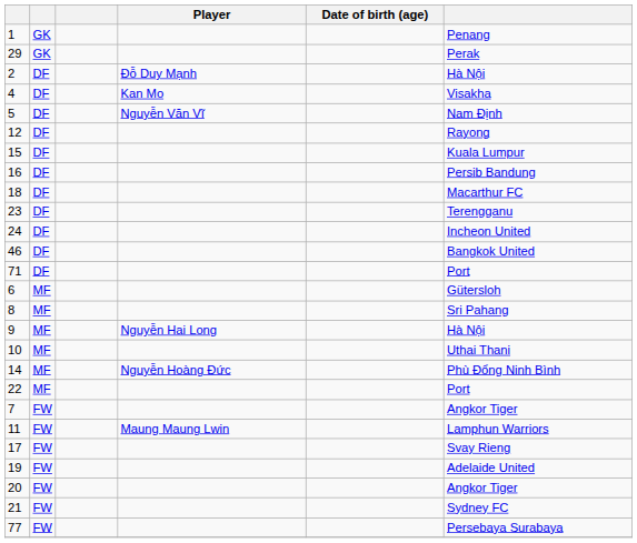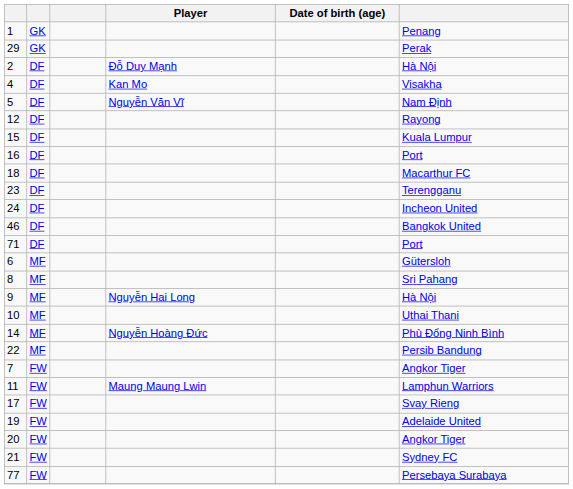 <table class="sortable wikitable plainrowheaders ">
 <tr>
 <th scope="col" style="width:4%"></th>
 <th scope="col" style="width:4%"></th>
 <th scope="col" style="width:10%"></th>
 <th scope="col" style="width:30%">Player</th>
 <th scope="col" style="width:22%">Date of birth (age)</th>
 <th scope="col"></th>
 </tr>
 <tr>
 <td>1</td>
 <td><a href='#'>GK</a></td>
 <td></td>
 <td></td>
 <td></td>
 <td align=left> <a href='#'>Penang</a></td>
 </tr>
 <tr>
 <td>29</td>
 <td><a href='#'>GK</a></td>
 <td></td>
 <td></td>
 <td></td>
 <td> <a href='#'>Perak</a></td>
 </tr>
 <tr>
 <td>2</td>
 <td><a href='#'>DF</a></td>
 <td></td>
 <td><a href='#'>Đỗ Duy Mạnh</a></td>
 <td></td>
 <td> <a href='#'>Hà Nội</a></td>
 </tr>
 <tr>
 <td>4</td>
 <td><a href='#'>DF</a></td>
 <td></td>
 <td><a href='#'>Kan Mo</a></td>
 <td></td>
 <td> <a href='#'>Visakha</a></td>
 </tr>
 <tr>
 <td>5</td>
 <td><a href='#'>DF</a></td>
 <td></td>
 <td><a href='#'>Nguyễn Văn Vĩ</a></td>
 <td></td>
 <td align=left> <a href='#'>Nam Định</a></td>
 </tr>
 <tr>
 <td>12</td>
 <td><a href='#'>DF</a></td>
 <td></td>
 <td></td>
 <td></td>
 <td align=left> <a href='#'>Rayong</a></td>
 </tr>
 <tr>
 <td>15</td>
 <td><a href='#'>DF</a></td>
 <td></td>
 <td></td>
 <td></td>
 <td> <a href='#'>Kuala Lumpur</a></td>
 </tr>
 <tr>
 <td>16</td>
 <td><a href='#'>DF</a></td>
 <td></td>
 <td></td>
 <td></td>
-<td align=left> <a href='#'>Persib Bandung</a></td>
+<td> <a href='#'>Port</a></td>
 </tr>
 <tr>
 <td>18</td>
 <td><a href='#'>DF</a></td>
 <td></td>
 <td></td>
 <td></td>
 <td> <a href='#'>Macarthur FC</a></td>
 </tr>
 <tr>
 <td>23</td>
 <td><a href='#'>DF</a></td>
 <td></td>
 <td></td>
 <td></td>
 <td> <a href='#'>Terengganu</a></td>
 </tr>
 <tr>
 <td>24</td>
 <td><a href='#'>DF</a></td>
 <td></td>
 <td></td>
 <td></td>
 <td> <a href='#'>Incheon United</a></td>
 </tr>
 <tr>
 <td>46</td>
 <td><a href='#'>DF</a></td>
 <td></td>
 <td></td>
 <td></td>
 <td> <a href='#'>Bangkok United</a></td>
 </tr>
 <tr>
 <td>71</td>
 <td><a href='#'>DF</a></td>
 <td></td>
 <td></td>
 <td></td>
 <td> <a href='#'>Port</a></td>
 </tr>
 <tr>
 <td>6</td>
 <td><a href='#'>MF</a></td>
 <td></td>
 <td></td>
 <td></td>
 <td align=left> <a href='#'>Gütersloh</a></td>
 </tr>
 <tr>
 <td>8</td>
 <td><a href='#'>MF</a></td>
 <td></td>
 <td></td>
 <td></td>
 <td align=left> <a href='#'>Sri Pahang</a></td>
 </tr>
 <tr>
 <td>9</td>
 <td><a href='#'>MF</a></td>
 <td></td>
 <td><a href='#'>Nguyễn Hai Long</a></td>
 <td></td>
 <td> <a href='#'>Hà Nội</a></td>
 </tr>
 <tr>
 <td>10</td>
 <td><a href='#'>MF</a></td>
 <td></td>
 <td></td>
 <td></td>
 <td align=left> <a href='#'>Uthai Thani</a></td>
 </tr>
 <tr>
 <td>14</td>
 <td><a href='#'>MF</a></td>
 <td></td>
 <td><a href='#'>Nguyễn Hoàng Đức</a></td>
 <td></td>
 <td align=left> <a href='#'>Phù Đổng Ninh Bình</a></td>
 </tr>
 <tr>
 <td>22</td>
 <td><a href='#'>MF</a></td>
 <td></td>
 <td></td>
 <td></td>
-<td> <a href='#'>Port</a></td>
+<td align=left> <a href='#'>Persib Bandung</a></td>
 </tr>
 <tr>
 <td>7</td>
 <td><a href='#'>FW</a></td>
 <td></td>
 <td></td>
 <td></td>
 <td align=left> <a href='#'>Angkor Tiger</a></td>
 </tr>
 <tr>
 <td>11</td>
 <td><a href='#'>FW</a></td>
 <td></td>
 <td><a href='#'>Maung Maung Lwin</a></td>
 <td></td>
 <td align=left> <a href='#'>Lamphun Warriors</a></td>
 </tr>
 <tr>
 <td>17</td>
 <td><a href='#'>FW</a></td>
 <td></td>
 <td></td>
 <td></td>
 <td align=left> <a href='#'>Svay Rieng</a></td>
 </tr>
 <tr>
 <td>19</td>
 <td><a href='#'>FW</a></td>
 <td></td>
 <td></td>
 <td></td>
 <td align=left> <a href='#'>Adelaide United</a></td>
 </tr>
 <tr>
 <td>20</td>
 <td><a href='#'>FW</a></td>
 <td></td>
 <td></td>
 <td></td>
 <td> <a href='#'>Angkor Tiger</a></td>
 </tr>
 <tr>
 <td>21</td>
 <td><a href='#'>FW</a></td>
 <td></td>
 <td></td>
 <td></td>
 <td align=left> <a href='#'>Sydney FC</a></td>
 </tr>
 <tr>
 <td>77</td>
 <td><a href='#'>FW</a></td>
 <td></td>
 <td></td>
 <td></td>
 <td align=left> <a href='#'>Persebaya Surabaya</a></td>
 </tr>
 <tr>
 </tr>
 </table>
